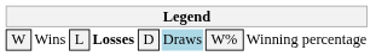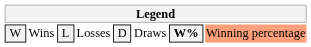 <table class="toccolours" style="font-size: 90%; white-space: nowrap;">
 <tr>
 <th colspan="14" style="background-color: #F2F2F2; border: 1px solid #AAAAAA; width=50%;">Legend</th>
 </tr>
 <tr>
 <td style="background-color: #F2F2F2; border: 1px solid black"> W </td>
 <td>Wins</td>
 <td style="background-color: #F2F2F2; border: 1px solid black"> L </td>
-<td><strong>Losses</strong></td>
+<td>Losses</td>
 <td style="background-color: #F2F2F2; border: 1px solid black;"> D </td>
-<td style="background: lightblue;">Draws</td>
-<td style="background-color: #F2F2F2; border: 1px solid black;"> W% </td>
-<td>Winning percentage</td>
+<td>Draws</td>
+<td style="background-color: #F2F2F2; border: 1px solid black;"><strong> W% </strong></td>
+<td style="background: lightsalmon;">Winning percentage</td>
 </tr>
 <tr>
 </tr>
 </table>
